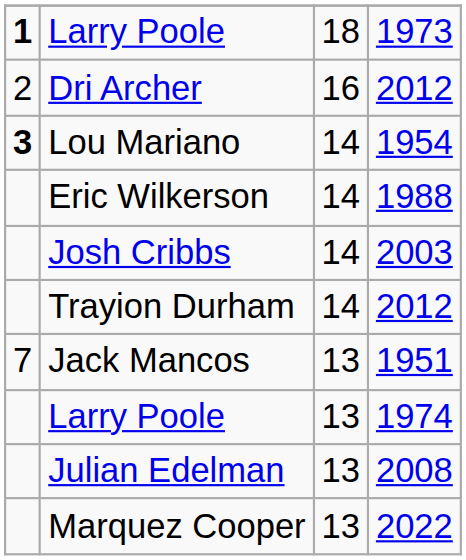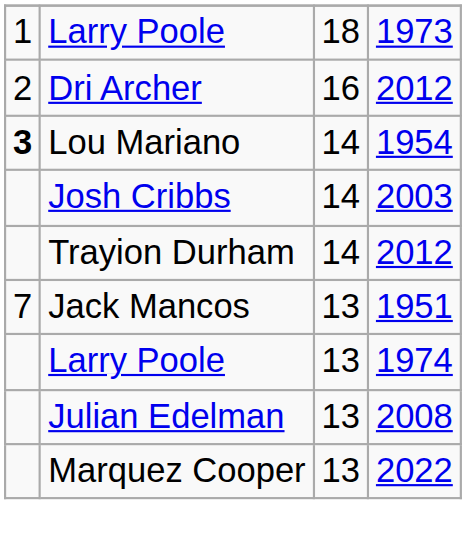 <table class="wikitable" style="display:inline-table;">
 <tr>
 </tr>
 <tr>
-<td><strong>1</strong></td>
+<td>1</td>
 <td><a href='#'>Larry Poole</a></td>
 <td>18</td>
 <td><a href='#'>1973</a></td>
 </tr>
 <tr>
 <td>2</td>
 <td><a href='#'>Dri Archer</a></td>
 <td>16</td>
 <td><a href='#'>2012</a></td>
 </tr>
 <tr>
 <td><strong>3</strong></td>
 <td>Lou Mariano</td>
 <td>14</td>
 <td><a href='#'>1954</a></td>
-</tr>
-<tr>
-<td></td>
-<td>Eric Wilkerson</td>
-<td>14</td>
-<td><a href='#'>1988</a></td>
 </tr>
 <tr>
 <td></td>
 <td><a href='#'>Josh Cribbs</a></td>
 <td>14</td>
 <td><a href='#'>2003</a></td>
 </tr>
 <tr>
 <td></td>
 <td>Trayion Durham</td>
 <td>14</td>
 <td><a href='#'>2012</a></td>
 </tr>
 <tr>
 <td>7</td>
 <td>Jack Mancos</td>
 <td>13</td>
 <td><a href='#'>1951</a></td>
 </tr>
 <tr>
 <td></td>
 <td><a href='#'>Larry Poole</a></td>
 <td>13</td>
 <td><a href='#'>1974</a></td>
 </tr>
 <tr>
 <td></td>
 <td><a href='#'>Julian Edelman</a></td>
 <td>13</td>
 <td><a href='#'>2008</a></td>
 </tr>
 <tr>
 <td></td>
 <td>Marquez Cooper</td>
 <td>13</td>
 <td><a href='#'>2022</a></td>
 </tr>
 </table>
